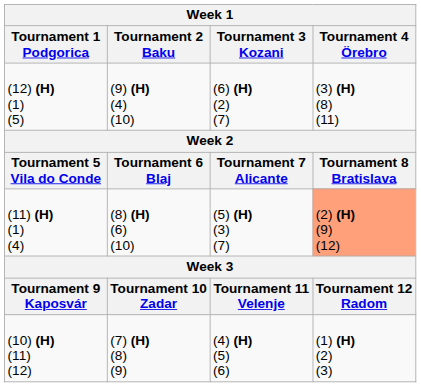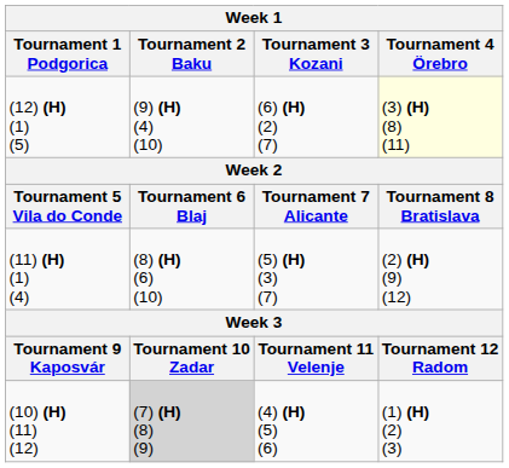 <table class="wikitable">
 <tr>
 <th colspan="4">Week 1</th>
 </tr>
 <tr>
 <th width=25%>Tournament 1<br> <a href='#'>Podgorica</a></th>
 <th width=25%>Tournament 2<br> <a href='#'>Baku</a></th>
 <th width=25%>Tournament 3<br> <a href='#'>Kozani</a></th>
 <th width=25%>Tournament 4<br> <a href='#'>Örebro</a></th>
 </tr>
 <tr>
 <td><br> (12) <strong>(H)</strong><br>  (1)<br>  (5)</td>
 <td><br> (9) <strong>(H)</strong><br>  (4)<br>  (10)</td>
 <td><br> (6) <strong>(H)</strong><br>  (2)<br>  (7)</td>
-<td><br> (3) <strong>(H)</strong><br>  (8)<br>  (11)</td>
+<td style="background: lightyellow;"><br> (3) <strong>(H)</strong><br>  (8)<br>  (11)</td>
 </tr>
 <tr>
 <th colspan="4">Week 2</th>
 </tr>
 <tr>
 <th>Tournament 5<br> <a href='#'>Vila do Conde</a></th>
 <th>Tournament 6<br> <a href='#'>Blaj</a></th>
 <th>Tournament 7<br> <a href='#'>Alicante</a></th>
 <th>Tournament 8<br> <a href='#'>Bratislava</a></th>
 </tr>
 <tr>
 <td><br> (11) <strong>(H)</strong><br>  (1)<br>  (4)</td>
 <td><br> (8) <strong>(H)</strong><br>  (6)<br>  (10)</td>
 <td><br> (5) <strong>(H)</strong><br>  (3)<br>  (7)</td>
-<td style="background: lightsalmon;"><br> (2) <strong>(H)</strong><br>  (9)<br>  (12)</td>
+<td><br> (2) <strong>(H)</strong><br>  (9)<br>  (12)</td>
 </tr>
 <tr>
 <th colspan="4">Week 3</th>
 </tr>
 <tr>
 <th>Tournament 9<br> <a href='#'>Kaposvár</a></th>
 <th>Tournament 10<br> <a href='#'>Zadar</a></th>
 <th>Tournament 11<br> <a href='#'>Velenje</a></th>
 <th>Tournament 12<br> <a href='#'>Radom</a></th>
 </tr>
 <tr>
 <td><br> (10) <strong>(H)</strong><br>  (11)<br>  (12)</td>
-<td><br> (7) <strong>(H)</strong><br>  (8)<br>  (9)</td>
+<td style="background: lightgrey;"><br> (7) <strong>(H)</strong><br>  (8)<br>  (9)</td>
 <td><br> (4) <strong>(H)</strong><br>  (5)<br>  (6)</td>
 <td><br> (1) <strong>(H)</strong><br>  (2)<br>  (3)</td>
 </tr>
 </table>
